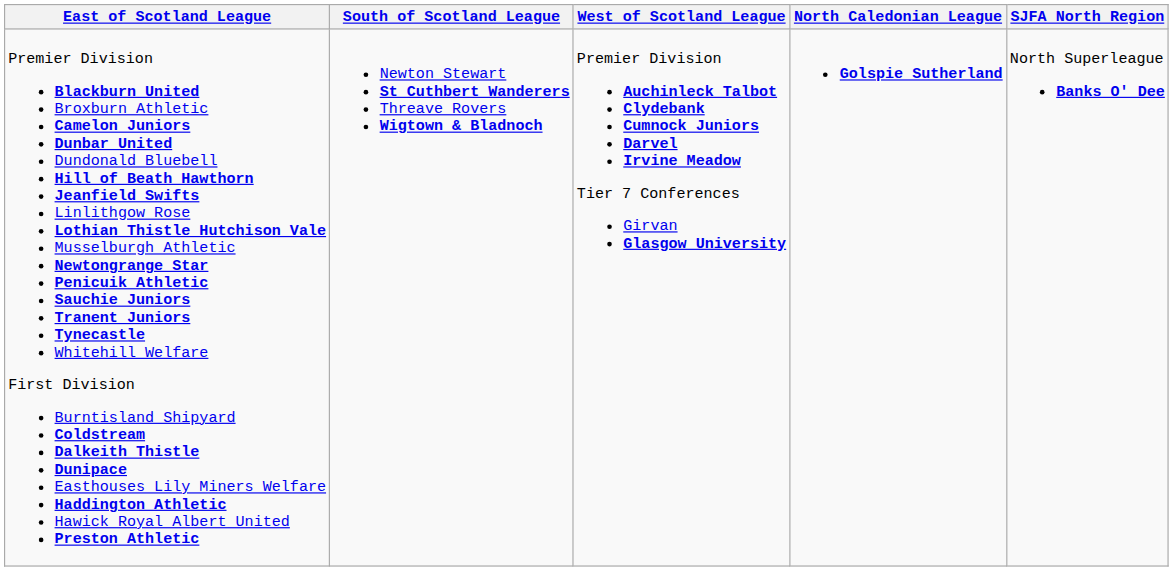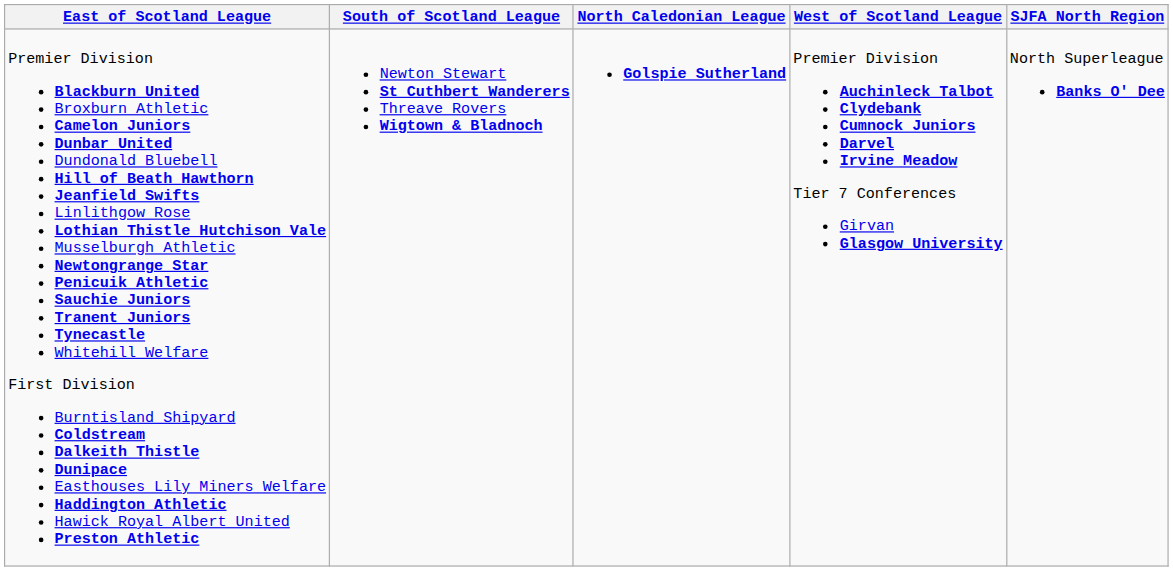 <table class="wikitable" style="text-align:left">
 <tr>
 <th><a href='#'>East of Scotland League</a></th>
 <th><a href='#'>South of Scotland League</a></th>
+<th><a href='#'>North Caledonian League</a></th>
 <th><a href='#'>West of Scotland League</a></th>
-<th><a href='#'>North Caledonian League</a></th>
 <th><a href='#'>SJFA North Region</a></th>
 </tr>
 <tr>
 <td valign=top><br>Premier Division<ul><li><strong><a href='#'>Blackburn United</a></strong></li><li><a href='#'>Broxburn Athletic</a></li><li><strong><a href='#'>Camelon Juniors</a></strong></li><li><strong><a href='#'>Dunbar United</a></strong></li><li><a href='#'>Dundonald Bluebell</a></li><li><strong><a href='#'>Hill of Beath Hawthorn</a></strong></li><li><strong><a href='#'>Jeanfield Swifts</a></strong></li><li><a href='#'>Linlithgow Rose</a></li><li><strong><a href='#'>Lothian Thistle Hutchison Vale</a></strong></li><li><a href='#'>Musselburgh Athletic</a></li><li><strong><a href='#'>Newtongrange Star</a></strong></li><li><strong><a href='#'>Penicuik Athletic</a></strong></li><li><strong><a href='#'>Sauchie Juniors</a></strong></li><li><strong><a href='#'>Tranent Juniors</a></strong></li><li><strong><a href='#'>Tynecastle</a></strong></li><li><a href='#'>Whitehill Welfare</a></li></ul>First Division<ul><li><a href='#'>Burntisland Shipyard</a></li><li><strong><a href='#'>Coldstream</a></strong></li><li><strong><a href='#'>Dalkeith Thistle</a></strong></li><li><strong><a href='#'>Dunipace</a></strong></li><li><a href='#'>Easthouses Lily Miners Welfare</a></li><li><strong><a href='#'>Haddington Athletic</a></strong></li><li><a href='#'>Hawick Royal Albert United</a></li><li><strong><a href='#'>Preston Athletic</a></strong></li></ul></td>
 <td valign=top><br><ul><li><a href='#'>Newton Stewart</a></li><li><strong><a href='#'>St Cuthbert Wanderers</a></strong></li><li><a href='#'>Threave Rovers</a></li><li><strong><a href='#'>Wigtown & Bladnoch</a></strong></li></ul></td>
+<td valign=top><br><ul><li><strong><a href='#'>Golspie Sutherland</a></strong></li></ul></td>
 <td valign=top><br>Premier Division<ul><li><strong><a href='#'>Auchinleck Talbot</a></strong></li><li><strong><a href='#'>Clydebank</a></strong></li><li><strong><a href='#'>Cumnock Juniors</a></strong></li><li><strong><a href='#'>Darvel</a></strong></li><li><strong><a href='#'>Irvine Meadow</a></strong></li></ul>Tier 7 Conferences<ul><li><a href='#'>Girvan</a></li><li><strong><a href='#'>Glasgow University</a></strong></li></ul></td>
-<td valign=top><br><ul><li><strong><a href='#'>Golspie Sutherland</a></strong></li></ul></td>
 <td valign=top><br>North Superleague<ul><li><strong><a href='#'>Banks O' Dee</a></strong></li></ul></td>
 </tr>
 </table>
